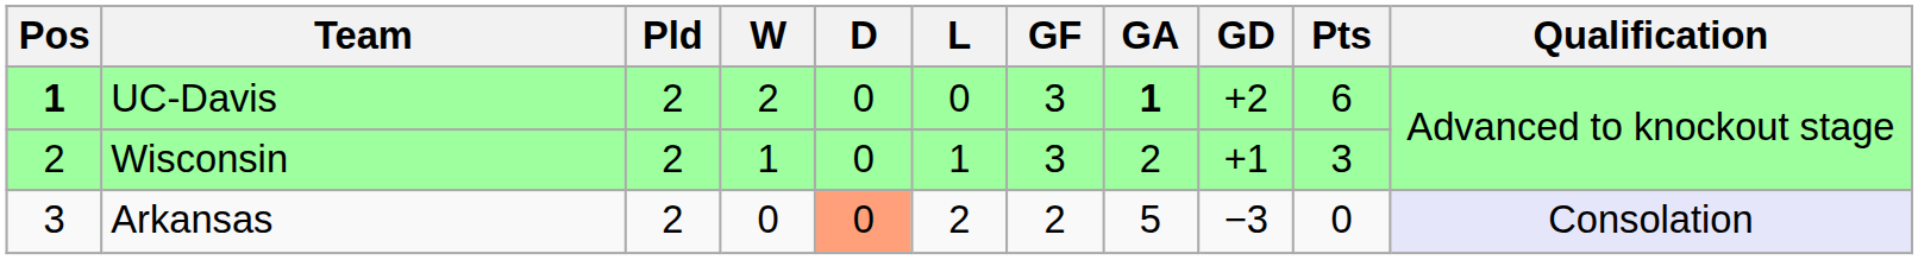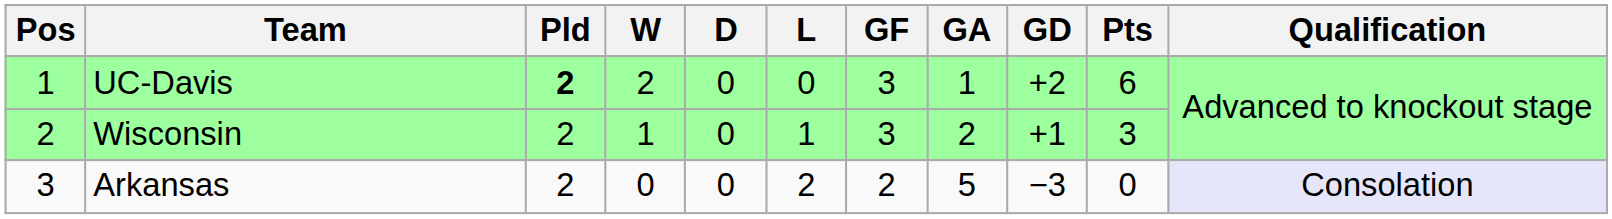 <table class="wikitable" style="text-align:center; margin: 1em auto">
 <tr>
 <th style=width:2em>Pos</th>
 <th style=width:13em>Team</th>
 <th style=width:2em>Pld</th>
 <th style=width:2em>W</th>
 <th style=width:2em>D</th>
 <th style=width:2em>L</th>
 <th style=width:2em>GF</th>
 <th style=width:2em>GA</th>
 <th style=width:2em>GD</th>
 <th style=width:2em>Pts</th>
 <th style=width:13em>Qualification</th>
 </tr>
 <tr bgcolor="#9eff9e">
-<td><strong>1</strong></td>
+<td>1</td>
 <td style="text-align:left">UC-Davis</td>
-<td>2</td>
+<td><strong>2</strong></td>
 <td>2</td>
 <td>0</td>
 <td>0</td>
 <td>3</td>
-<td><strong>1</strong></td>
+<td>1</td>
 <td>+2</td>
 <td>6</td>
 <td rowspan="2">Advanced to knockout stage</td>
 </tr>
 <tr bgcolor="#9eff9e">
 <td>2</td>
 <td style="text-align:left">Wisconsin</td>
 <td>2</td>
 <td>1</td>
 <td>0</td>
 <td>1</td>
 <td>3</td>
 <td>2</td>
 <td>+1</td>
 <td>3</td>
 </tr>
 <tr>
 <td>3</td>
 <td style="text-align:left">Arkansas</td>
 <td>2</td>
 <td>0</td>
-<td style="background: lightsalmon;">0</td>
+<td>0</td>
 <td>2</td>
 <td>2</td>
 <td>5</td>
 <td>−3</td>
 <td>0</td>
 <td style="background: lavender;">Consolation</td>
 </tr>
 </table>
